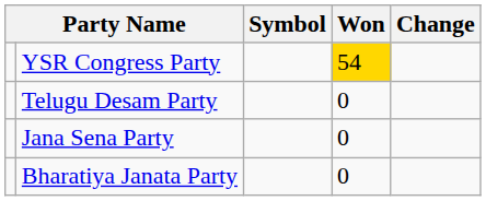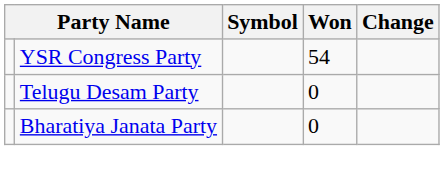 <table CLASS="sortable wikitable">
 <tr>
 <th colspan=2>Party Name</th>
 <th>Symbol</th>
 <th>Won</th>
 <th>Change</th>
 </tr>
 <tr>
 <td></td>
 <td><a href='#'>YSR Congress Party</a></td>
 <td></td>
-<td style="background: gold;">54</td>
+<td>54</td>
 <td></td>
 </tr>
 <tr>
 <td></td>
 <td><a href='#'>Telugu Desam Party</a></td>
-<td></td>
-<td>0</td>
-<td></td>
-</tr>
-<tr>
-<td></td>
-<td><a href='#'>Jana Sena Party</a></td>
 <td></td>
 <td>0</td>
 <td></td>
 </tr>
 <tr>
 <td></td>
 <td><a href='#'>Bharatiya Janata Party</a></td>
 <td></td>
 <td>0</td>
 <td></td>
 </tr>
 </table>
